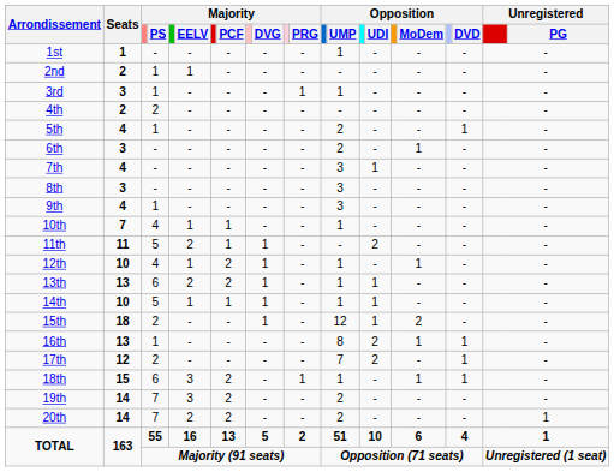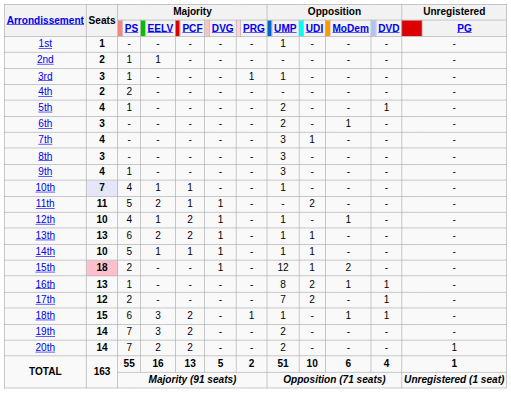 <table class="wikitable centre">
 <tr>
 <th rowspan=2><a href='#'>Arrondissement</a></th>
 <th rowspan=2>Seats</th>
 <th colspan=10>Majority</th>
 <th colspan=8>Opposition</th>
 <th colspan=2>Unregistered</th>
 </tr>
 <tr>
 <td bgcolor="#ff8080"></td>
 <th><a href='#'>PS</a></th>
 <td bgcolor="#00c000"></td>
 <th><a href='#'>EELV</a></th>
 <td bgcolor="#dd0000"></td>
 <th><a href='#'>PCF</a></th>
 <td bgcolor="#ffc0c0"></td>
 <th><a href='#'>DVG</a></th>
 <td bgcolor="#ffd1dc"></td>
 <th><a href='#'>PRG</a></th>
 <td bgcolor="#0066cc"></td>
 <th><a href='#'>UMP</a></th>
 <td bgcolor="#00FFFF"></td>
 <th><a href='#'>UDI</a></th>
 <td bgcolor="#ff9900"></td>
 <th><a href='#'>MoDem</a></th>
 <td bgcolor="#adc1fd"></td>
 <th><a href='#'>DVD</a></th>
 <td bgcolor="#dd0000"></td>
 <th><a href='#'>PG</a></th>
 </tr>
 <tr>
 <td align="center"><a href='#'>1st</a></td>
 <td style="text-align: center">          <strong>1</strong></td>
 <td style="text-align: center" colspan=2>    -</td>
 <td style="text-align: center" colspan=2>  -</td>
 <td style="text-align: center" colspan=2>   -</td>
 <td style="text-align: center" colspan=2>   -</td>
 <td style="text-align: center" colspan=2>   -</td>
 <td style="text-align: center" colspan=2>   1</td>
 <td style="text-align: center" colspan=2>   -</td>
 <td style="text-align: center" colspan=2> -</td>
 <td style="text-align: center" colspan=2>   -</td>
 <td style="text-align: center" colspan=2>    -</td>
 </tr>
 <tr>
 <td align="center"><a href='#'>2nd</a></td>
 <td style="text-align: center">          <strong>2</strong></td>
 <td style="text-align: center" colspan=2>    1</td>
 <td style="text-align: center" colspan=2>  1</td>
 <td style="text-align: center" colspan=2>   -</td>
 <td style="text-align: center" colspan=2>   -</td>
 <td style="text-align: center" colspan=2>   -</td>
 <td style="text-align: center" colspan=2>   -</td>
 <td style="text-align: center" colspan=2>   -</td>
 <td style="text-align: center" colspan=2> -</td>
 <td style="text-align: center" colspan=2>   -</td>
 <td style="text-align: center" colspan=2>    -</td>
 </tr>
 <tr>
 <td align="center"><a href='#'>3rd</a></td>
 <td style="text-align: center">          <strong>3</strong></td>
 <td style="text-align: center" colspan=2>    1</td>
 <td style="text-align: center" colspan=2>  -</td>
 <td style="text-align: center" colspan=2>   -</td>
 <td style="text-align: center" colspan=2>   -</td>
 <td style="text-align: center" colspan=2>   1</td>
 <td style="text-align: center" colspan=2>   1</td>
 <td style="text-align: center" colspan=2>   -</td>
 <td style="text-align: center" colspan=2> -</td>
 <td style="text-align: center" colspan=2>   -</td>
 <td style="text-align: center" colspan=2>    -</td>
 </tr>
 <tr>
 <td align="center"><a href='#'>4th</a></td>
 <td style="text-align: center">          <strong>2</strong></td>
 <td style="text-align: center" colspan=2>    2</td>
 <td style="text-align: center" colspan=2>  -</td>
 <td style="text-align: center" colspan=2>   -</td>
 <td style="text-align: center" colspan=2>   -</td>
 <td style="text-align: center" colspan=2>   -</td>
 <td style="text-align: center" colspan=2>   -</td>
 <td style="text-align: center" colspan=2>   -</td>
 <td style="text-align: center" colspan=2> -</td>
 <td style="text-align: center" colspan=2>   -</td>
 <td style="text-align: center" colspan=2>    -</td>
 </tr>
 <tr>
 <td align="center"><a href='#'>5th</a></td>
 <td style="text-align: center">          <strong>4</strong></td>
 <td style="text-align: center" colspan=2>    1</td>
 <td style="text-align: center" colspan=2>  -</td>
 <td style="text-align: center" colspan=2>   -</td>
 <td style="text-align: center" colspan=2>   -</td>
 <td style="text-align: center" colspan=2>   -</td>
 <td style="text-align: center" colspan=2>   2</td>
 <td style="text-align: center" colspan=2>   -</td>
 <td style="text-align: center" colspan=2> -</td>
 <td style="text-align: center" colspan=2>   1</td>
 <td style="text-align: center" colspan=2>    -</td>
 </tr>
 <tr>
 <td align="center"><a href='#'>6th</a></td>
 <td style="text-align: center">          <strong>3</strong></td>
 <td style="text-align: center" colspan=2>    -</td>
 <td style="text-align: center" colspan=2>  -</td>
 <td style="text-align: center" colspan=2>   -</td>
 <td style="text-align: center" colspan=2>   -</td>
 <td style="text-align: center" colspan=2>   -</td>
 <td style="text-align: center" colspan=2>   2</td>
 <td style="text-align: center" colspan=2>   -</td>
 <td style="text-align: center" colspan=2> 1</td>
 <td style="text-align: center" colspan=2>   -</td>
 <td style="text-align: center" colspan=2>    -</td>
 </tr>
 <tr>
 <td align="center"><a href='#'>7th</a></td>
 <td style="text-align: center">          <strong>4</strong></td>
 <td style="text-align: center" colspan=2>    -</td>
 <td style="text-align: center" colspan=2>  -</td>
 <td style="text-align: center" colspan=2>   -</td>
 <td style="text-align: center" colspan=2>   -</td>
 <td style="text-align: center" colspan=2>   -</td>
 <td style="text-align: center" colspan=2>   3</td>
 <td style="text-align: center" colspan=2>   1</td>
 <td style="text-align: center" colspan=2> -</td>
 <td style="text-align: center" colspan=2>   -</td>
 <td style="text-align: center" colspan=2>    -</td>
 </tr>
 <tr>
 <td align="center"><a href='#'>8th</a></td>
 <td style="text-align: center">          <strong>3</strong></td>
 <td style="text-align: center" colspan=2>    -</td>
 <td style="text-align: center" colspan=2>  -</td>
 <td style="text-align: center" colspan=2>   -</td>
 <td style="text-align: center" colspan=2>   -</td>
 <td style="text-align: center" colspan=2>   -</td>
 <td style="text-align: center" colspan=2>   3</td>
 <td style="text-align: center" colspan=2>   -</td>
 <td style="text-align: center" colspan=2> -</td>
 <td style="text-align: center" colspan=2>   -</td>
 <td style="text-align: center" colspan=2>    -</td>
 </tr>
 <tr>
 <td align="center"><a href='#'>9th</a></td>
 <td style="text-align: center">          <strong>4</strong></td>
 <td style="text-align: center" colspan=2>    1</td>
 <td style="text-align: center" colspan=2>  -</td>
 <td style="text-align: center" colspan=2>   -</td>
 <td style="text-align: center" colspan=2>   -</td>
 <td style="text-align: center" colspan=2>   -</td>
 <td style="text-align: center" colspan=2>   3</td>
 <td style="text-align: center" colspan=2>   -</td>
 <td style="text-align: center" colspan=2> -</td>
 <td style="text-align: center" colspan=2>   -</td>
 <td style="text-align: center" colspan=2>    -</td>
 </tr>
 <tr>
 <td align="center"><a href='#'>10th</a></td>
-<td style="text-align: center">          <strong>7</strong></td>
+<td style="background: lavender; text-align: center">          <strong>7</strong></td>
 <td style="text-align: center" colspan=2>    4</td>
 <td style="text-align: center" colspan=2>  1</td>
 <td style="text-align: center" colspan=2>   1</td>
 <td style="text-align: center" colspan=2>   -</td>
 <td style="text-align: center" colspan=2>   -</td>
 <td style="text-align: center" colspan=2>   1</td>
 <td style="text-align: center" colspan=2>   -</td>
 <td style="text-align: center" colspan=2> -</td>
 <td style="text-align: center" colspan=2>   -</td>
 <td style="text-align: center" colspan=2>    -</td>
 </tr>
 <tr>
 <td align="center"><a href='#'>11th</a></td>
 <td style="text-align: center">          <strong>11</strong></td>
 <td style="text-align: center" colspan=2>    5</td>
 <td style="text-align: center" colspan=2>  2</td>
 <td style="text-align: center" colspan=2>   1</td>
 <td style="text-align: center" colspan=2>   1</td>
 <td style="text-align: center" colspan=2>   -</td>
 <td style="text-align: center" colspan=2>   -</td>
 <td style="text-align: center" colspan=2>   2</td>
 <td style="text-align: center" colspan=2> -</td>
 <td style="text-align: center" colspan=2>   -</td>
 <td style="text-align: center" colspan=2>    -</td>
 </tr>
 <tr>
 <td align="center"><a href='#'>12th</a></td>
 <td style="text-align: center">          <strong>10</strong></td>
 <td style="text-align: center" colspan=2>    4</td>
 <td style="text-align: center" colspan=2>  1</td>
 <td style="text-align: center" colspan=2>   2</td>
 <td style="text-align: center" colspan=2>   1</td>
 <td style="text-align: center" colspan=2>   -</td>
 <td style="text-align: center" colspan=2>   1</td>
 <td style="text-align: center" colspan=2>   -</td>
 <td style="text-align: center" colspan=2> 1</td>
 <td style="text-align: center" colspan=2>   -</td>
 <td style="text-align: center" colspan=2>    -</td>
 </tr>
 <tr>
 <td align="center"><a href='#'>13th</a></td>
 <td style="text-align: center">          <strong>13</strong></td>
 <td style="text-align: center" colspan=2>    6</td>
 <td style="text-align: center" colspan=2>  2</td>
 <td style="text-align: center" colspan=2>   2</td>
 <td style="text-align: center" colspan=2>   1</td>
 <td style="text-align: center" colspan=2>   -</td>
 <td style="text-align: center" colspan=2>   1</td>
 <td style="text-align: center" colspan=2>   1</td>
 <td style="text-align: center" colspan=2> -</td>
 <td style="text-align: center" colspan=2>   -</td>
 <td style="text-align: center" colspan=2>    -</td>
 </tr>
 <tr>
 <td align="center"><a href='#'>14th</a></td>
 <td style="text-align: center">          <strong>10</strong></td>
 <td style="text-align: center" colspan=2>    5</td>
 <td style="text-align: center" colspan=2>  1</td>
 <td style="text-align: center" colspan=2>   1</td>
 <td style="text-align: center" colspan=2>   1</td>
 <td style="text-align: center" colspan=2>   -</td>
 <td style="text-align: center" colspan=2>   1</td>
 <td style="text-align: center" colspan=2>   1</td>
 <td style="text-align: center" colspan=2> -</td>
 <td style="text-align: center" colspan=2>   -</td>
 <td style="text-align: center" colspan=2>    -</td>
 </tr>
 <tr>
 <td align="center"><a href='#'>15th</a></td>
-<td style="text-align: center">          <strong>18</strong></td>
+<td style="background: pink; text-align: center">          <strong>18</strong></td>
 <td style="text-align: center" colspan=2>    2</td>
 <td style="text-align: center" colspan=2>  -</td>
 <td style="text-align: center" colspan=2>   -</td>
 <td style="text-align: center" colspan=2>   1</td>
 <td style="text-align: center" colspan=2>   -</td>
 <td style="text-align: center" colspan=2>   12</td>
 <td style="text-align: center" colspan=2>   1</td>
 <td style="text-align: center" colspan=2> 2</td>
 <td style="text-align: center" colspan=2>   -</td>
 <td style="text-align: center" colspan=2>    -</td>
 </tr>
 <tr>
 <td align="center"><a href='#'>16th</a></td>
 <td style="text-align: center">          <strong>13</strong></td>
 <td style="text-align: center" colspan=2>    1</td>
 <td style="text-align: center" colspan=2>  -</td>
 <td style="text-align: center" colspan=2>   -</td>
 <td style="text-align: center" colspan=2>   -</td>
 <td style="text-align: center" colspan=2>   -</td>
 <td style="text-align: center" colspan=2>   8</td>
 <td style="text-align: center" colspan=2>   2</td>
 <td style="text-align: center" colspan=2> 1</td>
 <td style="text-align: center" colspan=2>   1</td>
 <td style="text-align: center" colspan=2>    -</td>
 </tr>
 <tr>
 <td align="center"><a href='#'>17th</a></td>
 <td style="text-align: center">          <strong>12</strong></td>
 <td style="text-align: center" colspan=2>    2</td>
 <td style="text-align: center" colspan=2>  -</td>
 <td style="text-align: center" colspan=2>   -</td>
 <td style="text-align: center" colspan=2>   -</td>
 <td style="text-align: center" colspan=2>   -</td>
 <td style="text-align: center" colspan=2>   7</td>
 <td style="text-align: center" colspan=2>   2</td>
 <td style="text-align: center" colspan=2> -</td>
 <td style="text-align: center" colspan=2>   1</td>
 <td style="text-align: center" colspan=2>    -</td>
 </tr>
 <tr>
 <td align="center"><a href='#'>18th</a></td>
 <td style="text-align: center">          <strong>15</strong></td>
 <td style="text-align: center" colspan=2>    6</td>
 <td style="text-align: center" colspan=2>  3</td>
 <td style="text-align: center" colspan=2>   2</td>
 <td style="text-align: center" colspan=2>   -</td>
 <td style="text-align: center" colspan=2>   1</td>
 <td style="text-align: center" colspan=2>   1</td>
 <td style="text-align: center" colspan=2>   -</td>
 <td style="text-align: center" colspan=2> 1</td>
 <td style="text-align: center" colspan=2>   1</td>
 <td style="text-align: center" colspan=2>    -</td>
 </tr>
 <tr>
 <td align="center"><a href='#'>19th</a></td>
 <td style="text-align: center">          <strong>14</strong></td>
 <td style="text-align: center" colspan=2>    7</td>
 <td style="text-align: center" colspan=2>  3</td>
 <td style="text-align: center" colspan=2>   2</td>
 <td style="text-align: center" colspan=2>   -</td>
 <td style="text-align: center" colspan=2>   -</td>
 <td style="text-align: center" colspan=2>   2</td>
 <td style="text-align: center" colspan=2>   -</td>
 <td style="text-align: center" colspan=2> -</td>
 <td style="text-align: center" colspan=2>   -</td>
 <td style="text-align: center" colspan=2>    -</td>
 </tr>
 <tr>
 <td align="center"><a href='#'>20th</a></td>
 <td style="text-align: center">          <strong>14</strong></td>
 <td style="text-align: center" colspan=2>    7</td>
 <td style="text-align: center" colspan=2>  2</td>
 <td style="text-align: center" colspan=2>   2</td>
 <td style="text-align: center" colspan=2>   -</td>
 <td style="text-align: center" colspan=2>   -</td>
 <td style="text-align: center" colspan=2>   2</td>
 <td style="text-align: center" colspan=2>   -</td>
 <td style="text-align: center" colspan=2> -</td>
 <td style="text-align: center" colspan=2>   -</td>
 <td style="text-align: center" colspan=2>    1</td>
 </tr>
 <tr>
 <td align="center" rowspan=2><strong>TOTAL</strong></td>
 <td style="text-align: center" rowspan=2>          <strong>163</strong></td>
 <td style="text-align: center" colspan=2>    <strong>55</strong></td>
 <td style="text-align: center" colspan=2>  <strong>16</strong></td>
 <td style="text-align: center" colspan=2>   <strong>13</strong></td>
 <td style="text-align: center" colspan=2>   <strong>5</strong></td>
 <td style="text-align: center" colspan=2>   <strong>2</strong></td>
 <td style="text-align: center" colspan=2>   <strong>51</strong></td>
 <td style="text-align: center" colspan=2>   <strong>10</strong></td>
 <td style="text-align: center" colspan=2> <strong>6</strong></td>
 <td style="text-align: center" colspan=2>   <strong>4</strong></td>
 <td style="text-align: center" colspan=2>    <strong>1</strong></td>
 </tr>
 <tr>
 <td style="text-align: center" colspan=10><strong><em>Majority (91 seats)</em></strong></td>
 <td style="text-align: center" colspan=8><strong><em>Opposition (71 seats)</em></strong></td>
 <td style="text-align: center" colspan=2><strong><em>Unregistered (1 seat)</em></strong></td>
 </tr>
 </table>
